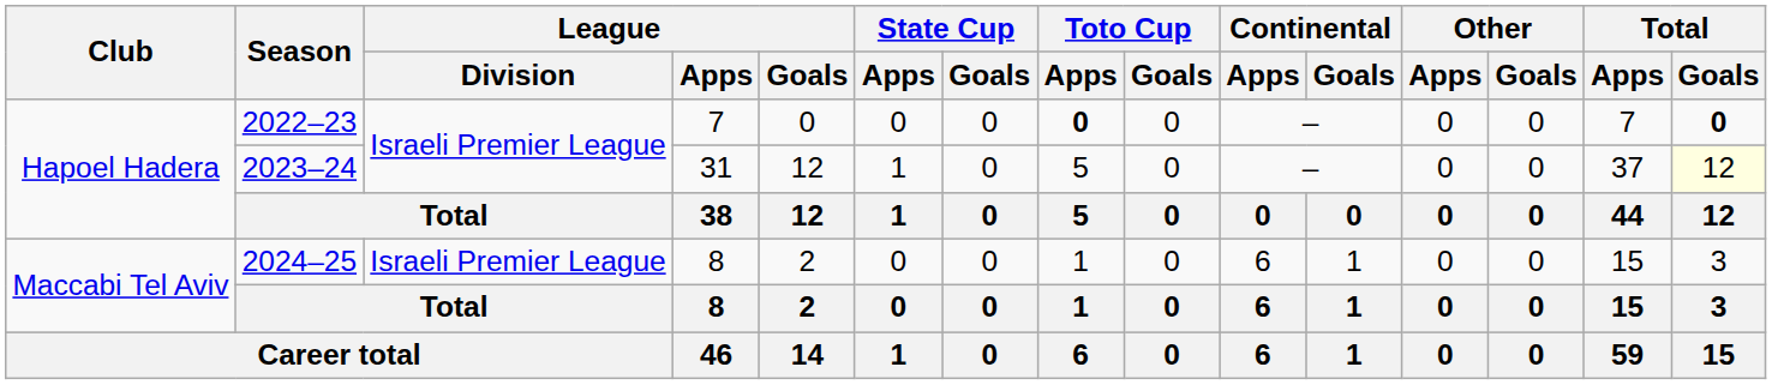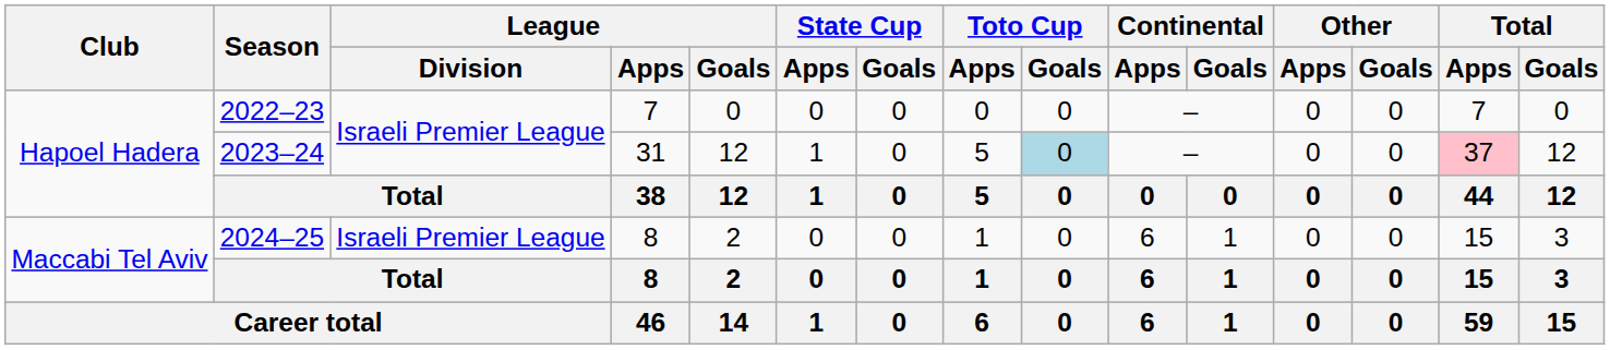 <table class="wikitable" style="text-align: center">
 <tr>
 <th rowspan="2">Club</th>
 <th rowspan="2">Season</th>
 <th colspan="3">League</th>
 <th colspan="2"><a href='#'>State Cup</a></th>
 <th colspan="2"><a href='#'>Toto Cup</a></th>
 <th colspan="2">Continental</th>
 <th colspan="2">Other</th>
 <th colspan="2">Total</th>
 </tr>
 <tr>
 <th>Division</th>
 <th>Apps</th>
 <th>Goals</th>
 <th>Apps</th>
 <th>Goals</th>
 <th>Apps</th>
 <th>Goals</th>
 <th>Apps</th>
 <th>Goals</th>
 <th>Apps</th>
 <th>Goals</th>
 <th>Apps</th>
 <th>Goals</th>
 </tr>
 <tr>
 <td rowspan="3"><a href='#'>Hapoel Hadera</a></td>
 <td><a href='#'>2022–23</a></td>
 <td rowspan="2"><a href='#'>Israeli Premier League</a></td>
 <td>7</td>
 <td>0</td>
 <td>0</td>
 <td>0</td>
-<td><strong>0</strong></td>
+<td>0</td>
 <td>0</td>
 <td colspan="2">–</td>
 <td>0</td>
 <td>0</td>
 <td>7</td>
-<td><strong>0</strong></td>
+<td>0</td>
 </tr>
 <tr>
 <td><a href='#'>2023–24</a></td>
 <td>31</td>
 <td>12</td>
 <td>1</td>
 <td>0</td>
 <td>5</td>
-<td>0</td>
+<td style="background: lightblue;">0</td>
 <td colspan="2">–</td>
 <td>0</td>
 <td>0</td>
-<td>37</td>
-<td style="background: lightyellow;">12</td>
+<td style="background: pink;">37</td>
+<td>12</td>
 </tr>
 <tr>
 <th colspan="2">Total</th>
 <th>38</th>
 <th>12</th>
 <th>1</th>
 <th>0</th>
 <th>5</th>
 <th>0</th>
 <th>0</th>
 <th>0</th>
 <th>0</th>
 <th>0</th>
 <th>44</th>
 <th>12</th>
 </tr>
 <tr>
 <td rowspan="2"><a href='#'>Maccabi Tel Aviv</a></td>
 <td><a href='#'>2024–25</a></td>
 <td rowspan="1"><a href='#'>Israeli Premier League</a></td>
 <td>8</td>
 <td>2</td>
 <td>0</td>
 <td>0</td>
 <td>1</td>
 <td>0</td>
 <td>6</td>
 <td>1</td>
 <td>0</td>
 <td>0</td>
 <td>15</td>
 <td>3</td>
 </tr>
 <tr>
 <th colspan="2">Total</th>
 <th>8</th>
 <th>2</th>
 <th>0</th>
 <th>0</th>
 <th>1</th>
 <th>0</th>
 <th>6</th>
 <th>1</th>
 <th>0</th>
 <th>0</th>
 <th>15</th>
 <th>3</th>
 </tr>
 <tr>
 <th colspan="3"><strong>Career total</strong></th>
 <th>46</th>
 <th>14</th>
 <th>1</th>
 <th>0</th>
 <th>6</th>
 <th>0</th>
 <th>6</th>
 <th>1</th>
 <th>0</th>
 <th>0</th>
 <th>59</th>
 <th>15</th>
 </tr>
 </table>
